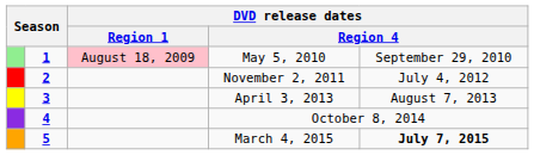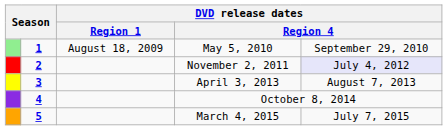 <table class="wikitable"  style="text-align:center; width:540px; margin-left:25px; float:right;">
 <tr>
 <th colspan="2" rowspan="2">Season</th>
 <th colspan="3"><a href='#'>DVD</a> release dates</th>
 </tr>
 <tr>
 <th><a href='#'>Region 1</a></th>
 <th colspan="2"><a href='#'>Region 4</a></th>
 </tr>
 <tr>
 <td style="background:lightgreen; height:10px;"></td>
 <td><strong><a href='#'>1</a></strong></td>
-<td style="background: pink;">August 18, 2009</td>
+<td>August 18, 2009</td>
 <td>May 5, 2010</td>
 <td>September 29, 2010</td>
 </tr>
 <tr>
 <td style="background:red; height:10px;"></td>
 <td><strong><a href='#'>2</a></strong></td>
 <td></td>
 <td>November 2, 2011</td>
-<td>July 4, 2012</td>
+<td style="background: lavender;">July 4, 2012</td>
 </tr>
 <tr>
 <td style="background:yellow; height:10px;"></td>
 <td><strong><a href='#'>3</a></strong></td>
 <td></td>
 <td>April 3, 2013</td>
 <td>August 7, 2013</td>
 </tr>
 <tr>
 <td style="background:#8a2be2; height:10px;"></td>
 <td><strong><a href='#'>4</a></strong></td>
 <td></td>
 <td colspan="2">October 8, 2014</td>
 </tr>
 <tr>
 <td style="background:orange; height:10px;"></td>
 <td><strong><a href='#'>5</a></strong></td>
 <td></td>
 <td>March 4, 2015</td>
-<td><strong>July 7, 2015</strong></td>
+<td>July 7, 2015</td>
 </tr>
 </table>
